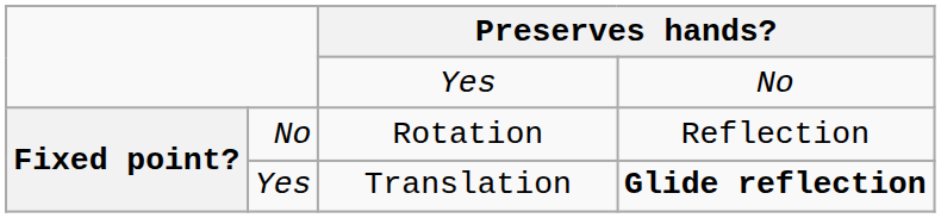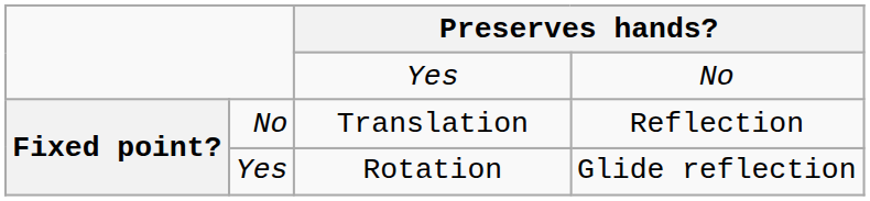 <table class=wikitable>
 <tr>
 <td colspan=2 rowspan=2></td>
 <th colspan="2">Preserves hands?</th>
 </tr>
 <tr align="center">
 <td><em>Yes</em></td>
 <td><em>No</em></td>
 </tr>
 <tr align="center">
 <th rowspan="2">Fixed point?</th>
 <td align="right"><em>No</em></td>
-<td>Rotation</td>
+<td>  Translation  </td>
 <td>Reflection</td>
 </tr>
 <tr align="center">
 <td align="right"><em>Yes</em></td>
-<td>  Translation  </td>
-<td><strong>Glide reflection</strong></td>
+<td>Rotation</td>
+<td>Glide reflection</td>
 </tr>
 </table>
